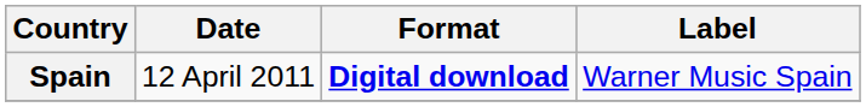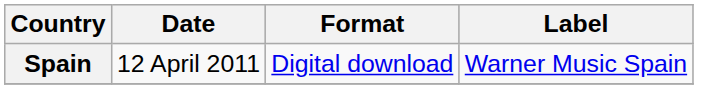 <table class="wikitable plainrowheaders">
 <tr>
 <th scope="col">Country</th>
 <th scope="col">Date</th>
 <th scope="col">Format</th>
 <th scope="col">Label</th>
 </tr>
 <tr>
 <th scope="row">Spain</th>
 <td>12 April 2011</td>
-<td><strong><a href='#'>Digital download</a></strong></td>
+<td><a href='#'>Digital download</a></td>
 <td><a href='#'>Warner Music Spain</a></td>
 </tr>
 <tr>
 </tr>
 </table>
